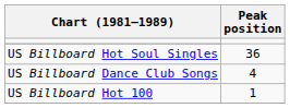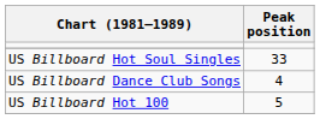 <table class="wikitable sortable">
 <tr>
 <th>Chart (1981–1989)</th>
 <th>Peak <br>position</th>
 </tr>
 <tr>
 <td></td>
 </tr>
 <tr>
 </tr>
 <tr>
 </tr>
 <tr>
 <td>US <em>Billboard</em> <a href='#'>Hot Soul Singles</a></td>
-<td align="center">36</td>
+<td align="center">33</td>
 </tr>
 <tr>
 <td>US <em>Billboard</em> <a href='#'>Dance Club Songs</a></td>
 <td align="center">4</td>
 </tr>
 <tr>
 <td>US <em>Billboard</em> <a href='#'>Hot 100</a></td>
-<td align="center">1</td>
+<td align="center">5</td>
 </tr>
 <tr>
 </tr>
 </table>
